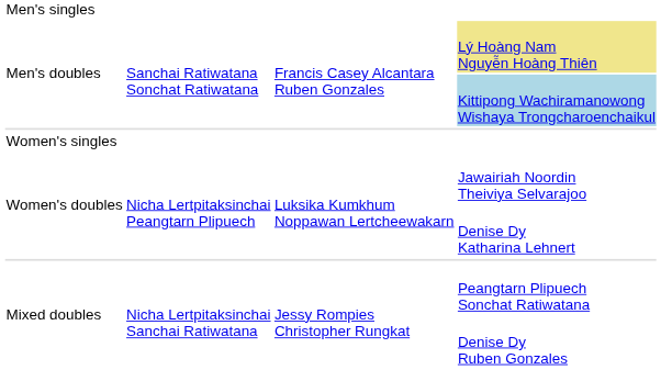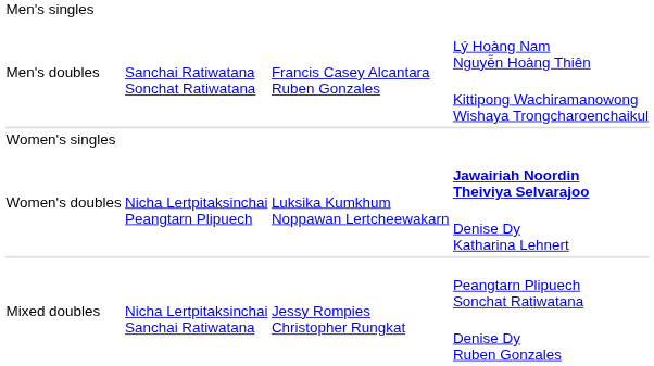 <table>
 <tr>
 <td rowspan=2>Men's singles<br></td>
 <td rowspan=2></td>
 <td rowspan=2></td>
 <td></td>
 </tr>
 <tr>
 <td></td>
 </tr>
 <tr>
 <td rowspan=2>Men's doubles<br></td>
 <td rowspan=2><br> <a href='#'>Sanchai Ratiwatana</a> <br> <a href='#'>Sonchat Ratiwatana</a></td>
 <td rowspan=2><br> <a href='#'>Francis Casey Alcantara</a> <br> <a href='#'>Ruben Gonzales</a></td>
-<td style="background: khaki;"><br> <a href='#'>Lý Hoàng Nam</a> <br> <a href='#'>Nguyễn Hoàng Thiên</a></td>
+<td><br> <a href='#'>Lý Hoàng Nam</a> <br> <a href='#'>Nguyễn Hoàng Thiên</a></td>
 </tr>
 <tr>
-<td style="background: lightblue;"><br> <a href='#'>Kittipong Wachiramanowong</a> <br> <a href='#'>Wishaya Trongcharoenchaikul</a></td>
+<td><br> <a href='#'>Kittipong Wachiramanowong</a> <br> <a href='#'>Wishaya Trongcharoenchaikul</a></td>
 </tr>
 <tr style="background:#dddddd;">
 <td colspan=7></td>
 </tr>
 <tr>
 <td rowspan=2>Women's singles<br></td>
 <td rowspan=2></td>
 <td rowspan=2></td>
 <td></td>
 </tr>
 <tr>
 <td></td>
 </tr>
 <tr>
 <td rowspan=2>Women's doubles<br></td>
 <td rowspan=2><br> <a href='#'>Nicha Lertpitaksinchai</a> <br> <a href='#'>Peangtarn Plipuech</a></td>
 <td rowspan=2><br> <a href='#'>Luksika Kumkhum</a> <br> <a href='#'>Noppawan Lertcheewakarn</a></td>
-<td><br> <a href='#'>Jawairiah Noordin</a> <br> <a href='#'>Theiviya Selvarajoo</a></td>
+<td><strong><br> <a href='#'>Jawairiah Noordin</a> <br> <a href='#'>Theiviya Selvarajoo</a></strong></td>
 </tr>
 <tr>
 <td><br> <a href='#'>Denise Dy</a> <br> <a href='#'>Katharina Lehnert</a></td>
 </tr>
 <tr style="background:#dddddd;">
 <td colspan=7></td>
 </tr>
 <tr>
 <td rowspan=2>Mixed doubles<br></td>
 <td rowspan=2> <br> <a href='#'>Nicha Lertpitaksinchai</a> <br> <a href='#'>Sanchai Ratiwatana</a></td>
 <td rowspan=2> <br> <a href='#'>Jessy Rompies</a> <br> <a href='#'>Christopher Rungkat</a></td>
 <td> <br> <a href='#'>Peangtarn Plipuech</a> <br> <a href='#'>Sonchat Ratiwatana</a></td>
 </tr>
 <tr>
 <td> <br> <a href='#'>Denise Dy</a> <br> <a href='#'>Ruben Gonzales</a></td>
 </tr>
 <tr>
 </tr>
 </table>
